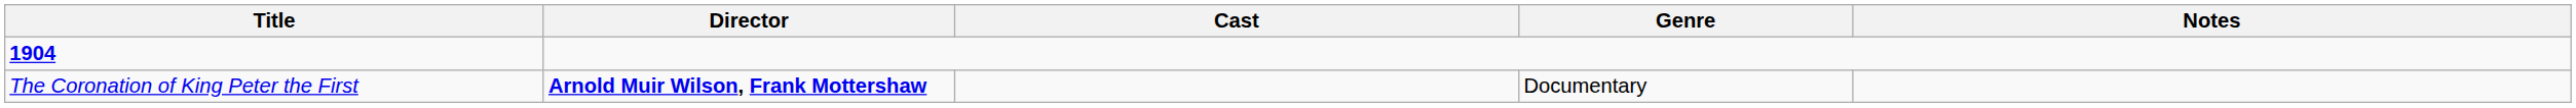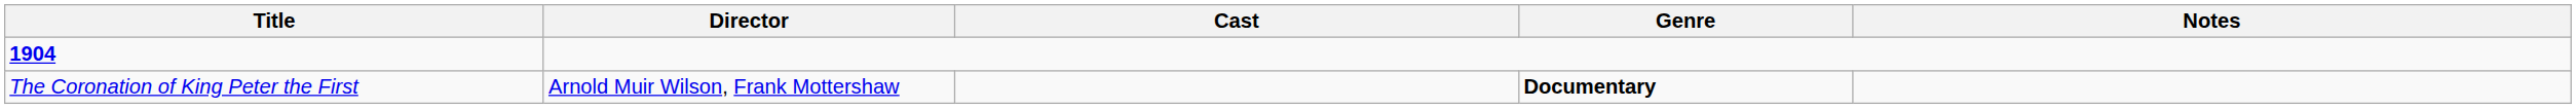 <table class="wikitable" style="width:100%;">
 <tr>
 <th style="width:21%;">Title</th>
 <th style="width:16%;">Director</th>
 <th style="width:22%;">Cast</th>
 <th style="width:13%;">Genre</th>
 <th style="width:28%;">Notes</th>
 </tr>
 <tr>
 <td><strong><a href='#'>1904</a></strong></td>
 </tr>
 <tr>
 <td><em><a href='#'>The Coronation of King Peter the First</a></em></td>
-<td><strong><a href='#'>Arnold Muir Wilson</a>, <a href='#'>Frank Mottershaw</a></strong></td>
+<td><a href='#'>Arnold Muir Wilson</a>, <a href='#'>Frank Mottershaw</a></td>
 <td></td>
-<td>Documentary</td>
+<td><strong>Documentary</strong></td>
 <td></td>
 </tr>
 </table>
